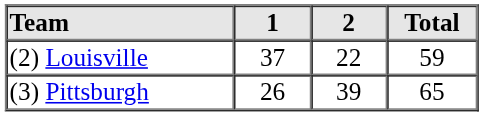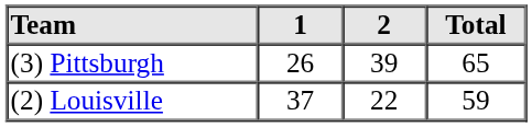 <table border=1 cellspacing=0 width=300 style="margin-left:3em;">
 <tr style="text-align:center; background-color:#e6e6e6;">
 <th align=left width=30%>Team</th>
 <th width=10%>1</th>
 <th width=10%>2</th>
 <th width=10%>Total</th>
 </tr>
 <tr style="text-align:center;">
+<td align=left>(3) <a href='#'>Pittsburgh</a></td>
+<td>26</td>
+<td>39</td>
+<td>65</td>
+</tr>
+<tr style="text-align:center;">
 <td align=left>(2) <a href='#'>Louisville</a></td>
 <td>37</td>
 <td>22</td>
 <td>59</td>
 </tr>
 <tr style="text-align:center;">
-<td align=left>(3) <a href='#'>Pittsburgh</a></td>
-<td>26</td>
-<td>39</td>
-<td>65</td>
-</tr>
-<tr style="text-align:center;">
 </tr>
 </table>
